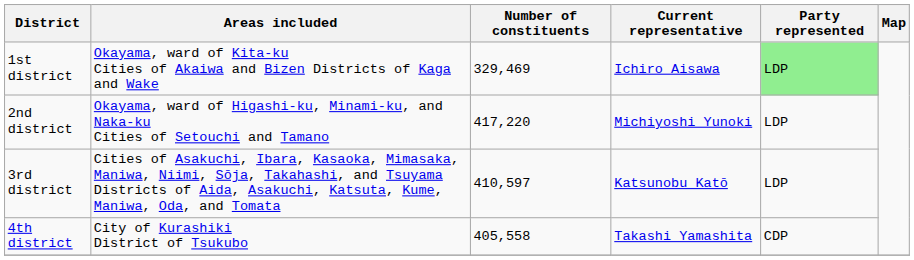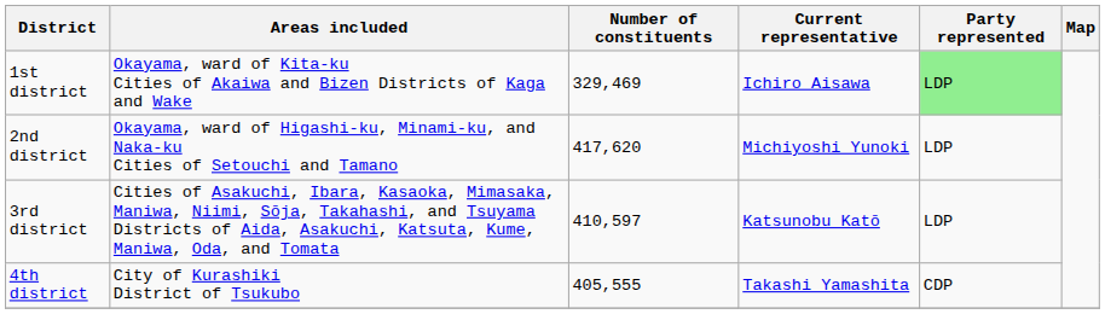 <table class="wikitable">
 <tr>
 <th>District</th>
 <th>Areas included</th>
 <th>Number of constituents</th>
 <th>Current representative</th>
 <th>Party represented</th>
 <th>Map</th>
 </tr>
 <tr>
 <td>1st district</td>
 <td><a href='#'>Okayama</a>, ward of <a href='#'>Kita-ku</a><br>Cities of <a href='#'>Akaiwa</a> and <a href='#'>Bizen</a> Districts of <a href='#'>Kaga</a> and <a href='#'>Wake</a></td>
 <td>329,469</td>
 <td><a href='#'>Ichiro Aisawa</a></td>
 <td style="background: lightgreen;">LDP</td>
 <td rowspan="4"></td>
 </tr>
 <tr>
 <td>2nd district</td>
 <td><a href='#'>Okayama</a>, ward of <a href='#'>Higashi-ku</a>, <a href='#'>Minami-ku</a>, and <a href='#'>Naka-ku</a><br>Cities of <a href='#'>Setouchi</a> and <a href='#'>Tamano</a></td>
-<td>417,220</td>
+<td>417,620</td>
 <td><a href='#'>Michiyoshi Yunoki</a></td>
 <td>LDP</td>
 </tr>
 <tr>
 <td>3rd district</td>
 <td>Cities of <a href='#'>Asakuchi</a>, <a href='#'>Ibara</a>, <a href='#'>Kasaoka</a>, <a href='#'>Mimasaka</a>, <a href='#'>Maniwa</a>, <a href='#'>Niimi</a>, <a href='#'>Sōja</a>, <a href='#'>Takahashi</a>, and <a href='#'>Tsuyama</a><br>Districts of <a href='#'>Aida</a>, <a href='#'>Asakuchi</a>, <a href='#'>Katsuta</a>, <a href='#'>Kume</a>, <a href='#'>Maniwa</a>, <a href='#'>Oda</a>, and <a href='#'>Tomata</a></td>
 <td>410,597</td>
 <td><a href='#'>Katsunobu Katō</a></td>
 <td>LDP</td>
 </tr>
 <tr>
 <td><a href='#'>4th district</a></td>
 <td>City of <a href='#'>Kurashiki</a><br>District of <a href='#'>Tsukubo</a></td>
-<td>405,558</td>
+<td>405,555</td>
 <td><a href='#'>Takashi Yamashita</a></td>
 <td>CDP</td>
 </tr>
 <tr>
 </tr>
 </table>
